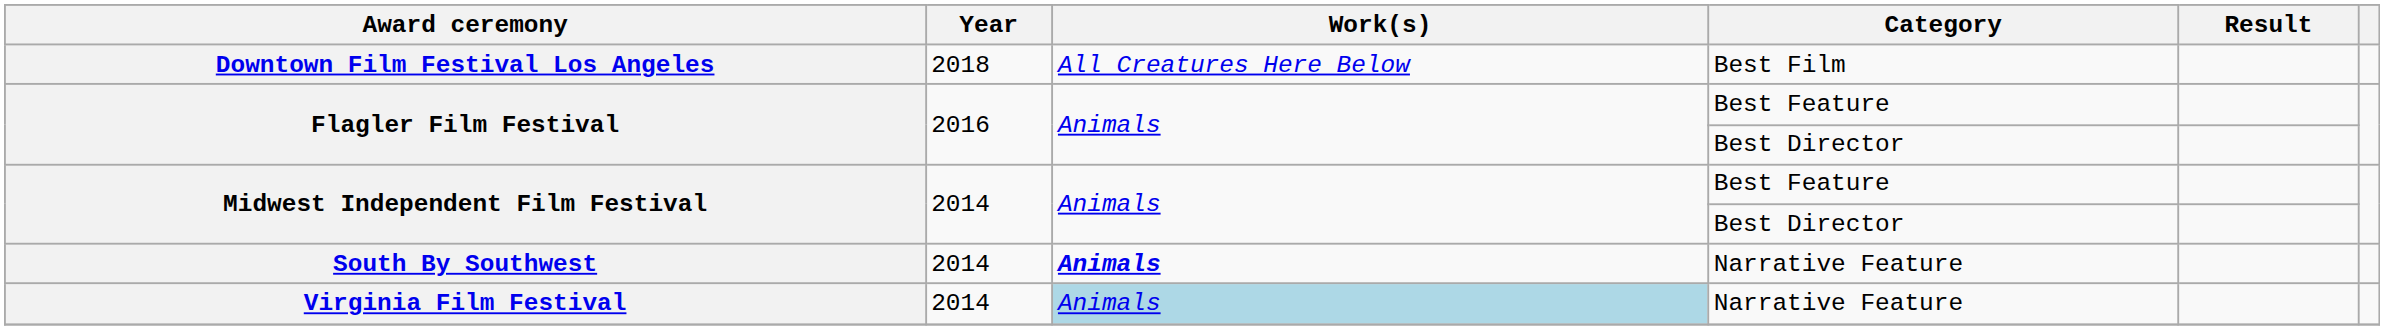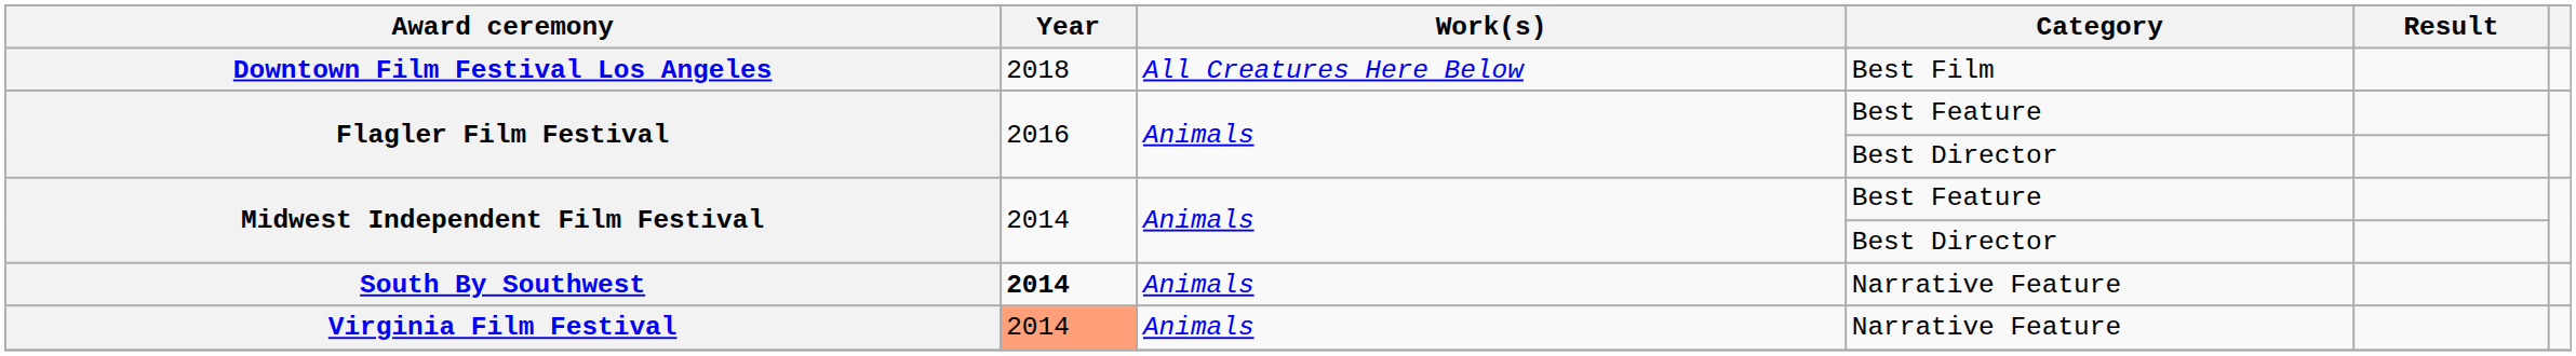 <table class="wikitable sortable plainrowheaders" style="width: 100%;">
 <tr>
 <th scope="col">Award ceremony</th>
 <th scope="col">Year</th>
 <th scope="col">Work(s)</th>
 <th scope="col">Category</th>
 <th scope="col">Result</th>
 <th scope="col" class="unsortable"></th>
 </tr>
 <tr>
 <th scope="row"><a href='#'>Downtown Film Festival Los Angeles</a></th>
 <td>2018</td>
 <td><em><a href='#'>All Creatures Here Below</a></em></td>
 <td>Best Film</td>
 <td></td>
 <td rowspan="1" style="text-align:center;"></td>
 </tr>
 <tr>
 <th rowspan="2" scope="row">Flagler Film Festival</th>
 <td rowspan="2">2016</td>
 <td rowspan="2"><em><a href='#'>Animals</a></em></td>
 <td>Best Feature</td>
 <td></td>
 <td rowspan="2" style="text-align:center;"></td>
 </tr>
 <tr>
 <td>Best Director</td>
 <td></td>
 </tr>
 <tr>
 <th rowspan="2" scope="row">Midwest Independent Film Festival</th>
 <td rowspan="2">2014</td>
 <td rowspan="2"><em><a href='#'>Animals</a></em></td>
 <td>Best Feature</td>
 <td></td>
 <td rowspan="2" style="text-align:center;"></td>
 </tr>
 <tr>
 <td>Best Director</td>
 <td></td>
 </tr>
 <tr>
 <th scope="row"><a href='#'>South By Southwest</a></th>
-<td>2014</td>
-<td><strong><em><a href='#'>Animals</a></em></strong></td>
+<td><strong>2014</strong></td>
+<td><em><a href='#'>Animals</a></em></td>
 <td>Narrative Feature</td>
 <td></td>
 <td rowspan="1" style="text-align:center;"></td>
 </tr>
 <tr>
 <th scope="row"><a href='#'>Virginia Film Festival</a></th>
-<td>2014</td>
-<td style="background: lightblue;"><em><a href='#'>Animals</a></em></td>
+<td style="background: lightsalmon;">2014</td>
+<td><em><a href='#'>Animals</a></em></td>
 <td>Narrative Feature</td>
 <td></td>
 <td rowspan="1" style="text-align:center;"></td>
 </tr>
 <tr>
 </tr>
 </table>
